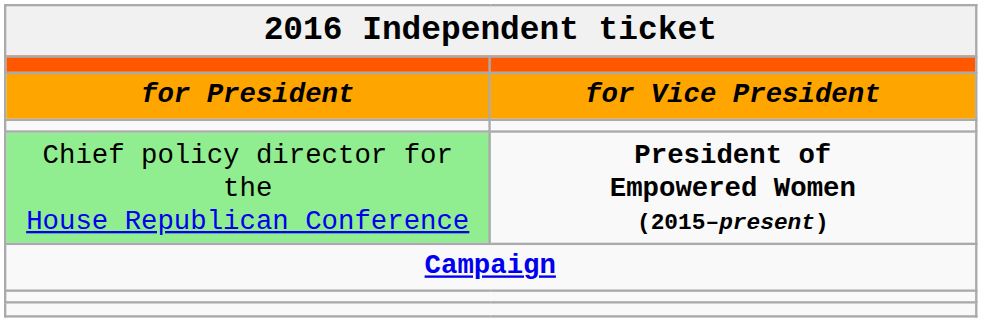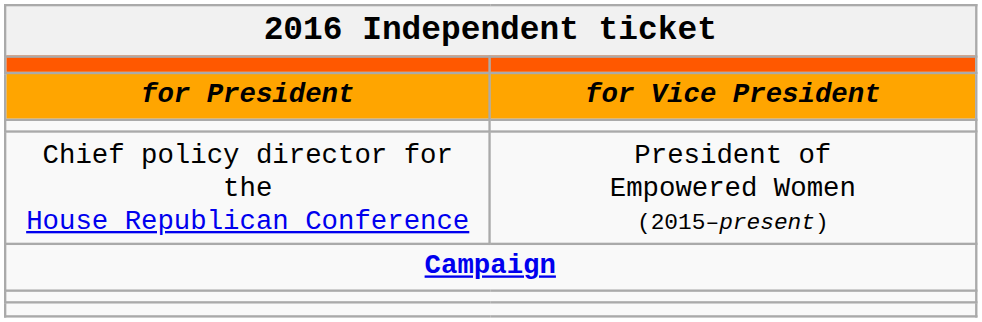 <table class="wikitable" style="font-size:90%; text-align:center;">
 <tr>
 <td style="background:#f1f1f1;" colspan="30"><big><strong>2016 Independent ticket</strong></big></td>
 </tr>
 <tr>
 <th style=" font-size:135%; background:#FF5800; width:200px;"><a href='#'></a></th>
 <th style=" font-size:135%; background:#FF5800; width:200px;"><a href='#'></a></th>
 </tr>
 <tr style="color:#000; font-size:100%; background:orange;">
 <td style=" width:200px;"><strong><em>for President</em></strong></td>
 <td style=" width:200px;"><strong><em>for Vice President</em></strong></td>
 </tr>
 <tr>
 <td></td>
 <td></td>
 </tr>
 <tr>
-<td style="background: lightgreen;">Chief policy director for the <br><a href='#'>House Republican Conference</a> <small></small></td>
-<td><strong>President of<br>Empowered Women<br><small>(2015–<em>present</em>)</small></strong></td>
+<td>Chief policy director for the <br><a href='#'>House Republican Conference</a> <small></small></td>
+<td>President of<br>Empowered Women<br><small>(2015–<em>present</em>)</small></td>
 </tr>
 <tr>
 <td colspan=2><strong><a href='#'>Campaign</a></strong></td>
 </tr>
 <tr>
 <td colspan=2></td>
 </tr>
 <tr>
 <td colspan=2></td>
 </tr>
 </table>
